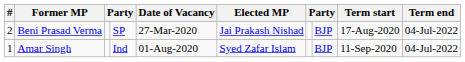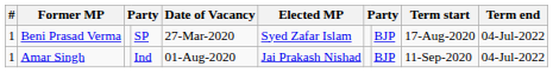 <table class="wikitable sortable">
 <tr>
 <th>#</th>
 <th>Former MP</th>
 <th colspan="2">Party</th>
 <th>Date of Vacancy</th>
 <th>Elected MP</th>
 <th colspan="2">Party</th>
 <th>Term start</th>
 <th>Term end</th>
 </tr>
 <tr>
-<td>2</td>
+<td>1</td>
 <td><a href='#'>Beni Prasad Verma</a></td>
 <td width="1px"></td>
 <td><a href='#'>SP</a></td>
 <td>27-Mar-2020</td>
-<td><a href='#'>Jai Prakash Nishad</a></td>
+<td><a href='#'>Syed Zafar Islam</a></td>
 <td width="1px"></td>
 <td><a href='#'>BJP</a></td>
 <td>17-Aug-2020</td>
 <td>04-Jul-2022</td>
 </tr>
 <tr>
 <td>1</td>
 <td><a href='#'>Amar Singh</a></td>
 <td width="1px"></td>
 <td><a href='#'>Ind</a></td>
 <td>01-Aug-2020</td>
-<td><a href='#'>Syed Zafar Islam</a></td>
+<td><a href='#'>Jai Prakash Nishad</a></td>
 <td width="1px"></td>
 <td><a href='#'>BJP</a></td>
 <td>11-Sep-2020</td>
 <td>04-Jul-2022</td>
 </tr>
 </table>
